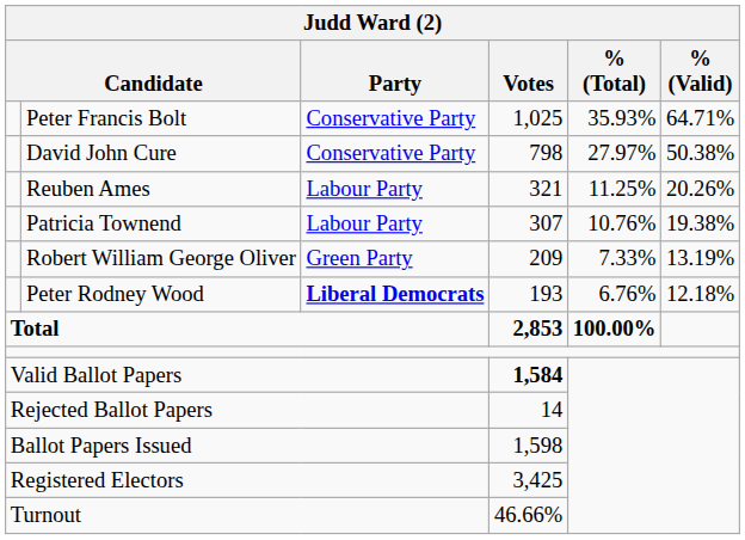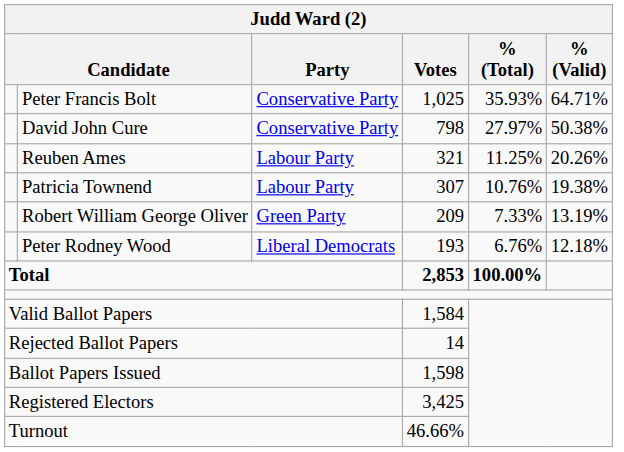 <table class="wikitable" border="1" style="text-align:right; font-size:100%">
 <tr>
 <th align=center colspan=6>Judd Ward (2)</th>
 </tr>
 <tr>
 <th valign=bottom align=left colspan=2>Candidate</th>
 <th valign=bottom align=left>Party</th>
 <th valign=bottom align=center>Votes</th>
 <th align=center>%<br>(Total)</th>
 <th align=center>%<br>(Valid)</th>
 </tr>
 <tr>
 <td bgcolor=> </td>
 <td align=left>Peter Francis Bolt</td>
 <td align=left><a href='#'>Conservative Party</a></td>
 <td>1,025</td>
 <td>35.93%</td>
 <td>64.71%</td>
 </tr>
 <tr>
 <td bgcolor=> </td>
 <td align=left>David John Cure</td>
 <td align=left><a href='#'>Conservative Party</a></td>
 <td>798</td>
 <td>27.97%</td>
 <td>50.38%</td>
 </tr>
 <tr>
 <td bgcolor=> </td>
 <td align=left>Reuben Ames</td>
 <td align=left><a href='#'>Labour Party</a></td>
 <td>321</td>
 <td>11.25%</td>
 <td>20.26%</td>
 </tr>
 <tr>
 <td bgcolor=> </td>
 <td align=left>Patricia Townend</td>
 <td align=left><a href='#'>Labour Party</a></td>
 <td>307</td>
 <td>10.76%</td>
 <td>19.38%</td>
 </tr>
 <tr>
 <td bgcolor=> </td>
 <td align=left>Robert William George Oliver</td>
 <td align=left><a href='#'>Green Party</a></td>
 <td>209</td>
 <td>7.33%</td>
 <td>13.19%</td>
 </tr>
 <tr>
 <td bgcolor=> </td>
 <td align=left>Peter Rodney Wood</td>
-<td align=left><strong><a href='#'>Liberal Democrats</a></strong></td>
+<td align=left><a href='#'>Liberal Democrats</a></td>
 <td>193</td>
 <td>6.76%</td>
 <td>12.18%</td>
 </tr>
 <tr>
 <td align=left colspan=3><strong>Total</strong></td>
 <td><strong>2,853</strong></td>
 <td><strong>100.00%</strong></td>
 <td></td>
 </tr>
 <tr>
 <td align=left colspan=6></td>
 </tr>
 <tr>
 <td align=left colspan=3>Valid Ballot Papers</td>
-<td><strong>1,584</strong></td>
+<td>1,584</td>
 <td colspan=2 rowspan=5></td>
 </tr>
 <tr>
 <td align=left colspan=3>Rejected Ballot Papers</td>
 <td>14</td>
 </tr>
 <tr>
 <td align=left colspan=3>Ballot Papers Issued</td>
 <td>1,598</td>
 </tr>
 <tr>
 <td align=left colspan=3>Registered Electors</td>
 <td>3,425</td>
 </tr>
 <tr>
 <td align=left colspan=3>Turnout</td>
 <td>46.66%</td>
 </tr>
 </table>
